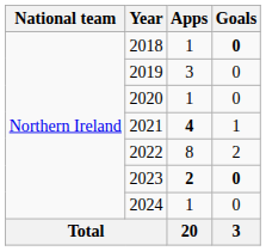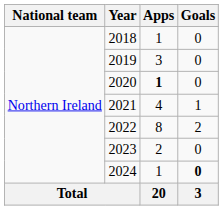 <table class=wikitable style=text-align:center>
 <tr>
 <th>National team</th>
 <th>Year</th>
 <th>Apps</th>
 <th>Goals</th>
 </tr>
 <tr>
 <td rowspan=7><a href='#'>Northern Ireland</a></td>
 <td>2018</td>
 <td>1</td>
-<td><strong>0</strong></td>
+<td>0</td>
 </tr>
 <tr>
 <td>2019</td>
 <td>3</td>
 <td>0</td>
 </tr>
 <tr>
 <td>2020</td>
-<td>1</td>
+<td><strong>1</strong></td>
 <td>0</td>
 </tr>
 <tr>
 <td>2021</td>
-<td><strong>4</strong></td>
+<td>4</td>
 <td>1</td>
 </tr>
 <tr>
 <td>2022</td>
 <td>8</td>
 <td>2</td>
 </tr>
 <tr>
 <td>2023</td>
-<td><strong>2</strong></td>
-<td><strong>0</strong></td>
+<td>2</td>
+<td>0</td>
 </tr>
 <tr>
 <td>2024</td>
 <td>1</td>
-<td>0</td>
+<td><strong>0</strong></td>
 </tr>
 <tr>
 <th colspan="2">Total</th>
 <th>20</th>
 <th>3</th>
 </tr>
 </table>
